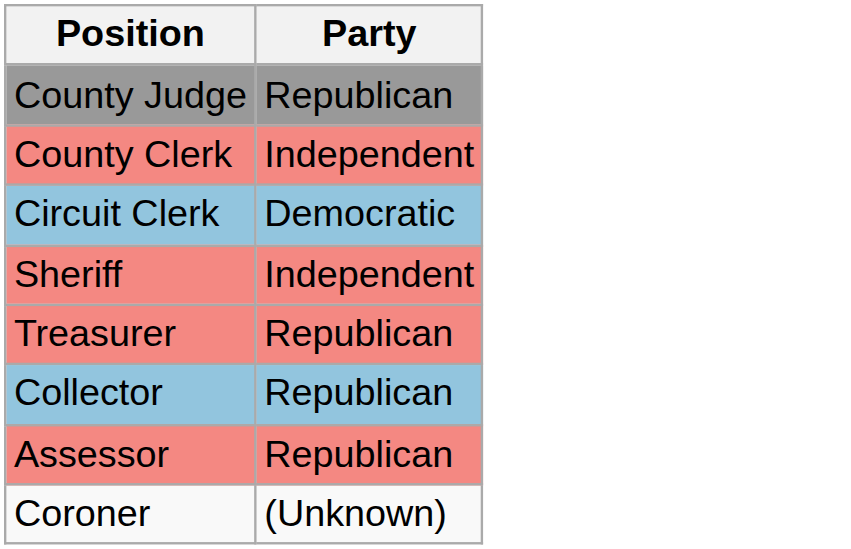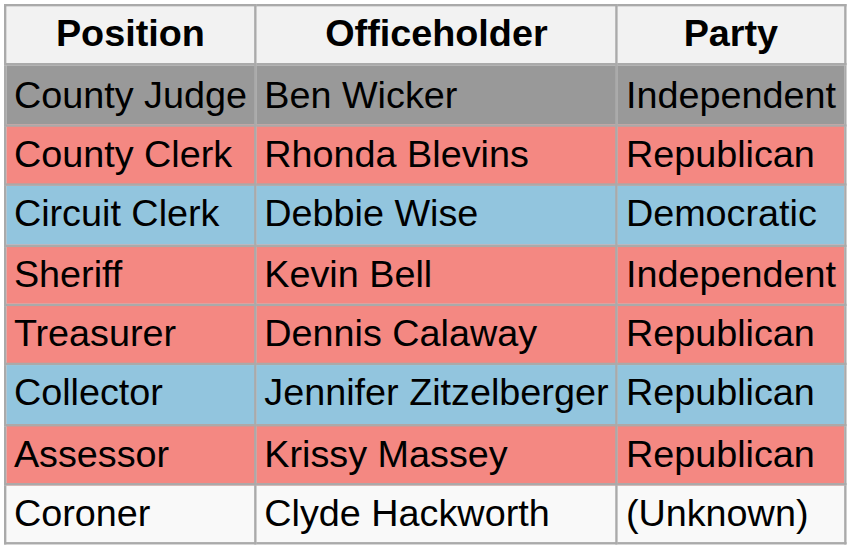 <table class="wikitable">
 <tr>
 <th>Position</th>
+<th>Officeholder</th>
 <th>Party</th>
 </tr>
 <tr style="background-color:#999999;">
 <td>County Judge</td>
-<td>Republican</td>
+<td>Ben Wicker</td>
+<td>Independent</td>
 </tr>
 <tr style="background-color:#F48882;">
 <td>County Clerk</td>
-<td>Independent</td>
+<td>Rhonda Blevins</td>
+<td>Republican</td>
 </tr>
 <tr style="background-color:#92C5DE;">
 <td>Circuit Clerk</td>
+<td>Debbie Wise</td>
 <td>Democratic</td>
 </tr>
 <tr style="background-color:#F48882;">
 <td>Sheriff</td>
+<td>Kevin Bell</td>
 <td>Independent</td>
 </tr>
 <tr style="background-color:#F48882;">
 <td>Treasurer</td>
+<td>Dennis Calaway</td>
 <td>Republican</td>
 </tr>
 <tr style="background-color:#92C5DE;">
 <td>Collector</td>
+<td>Jennifer Zitzelberger</td>
 <td>Republican</td>
 </tr>
 <tr style="background-color:#F48882;">
 <td>Assessor</td>
+<td>Krissy Massey</td>
 <td>Republican</td>
 </tr>
 <tr>
 <td>Coroner</td>
+<td>Clyde Hackworth</td>
 <td>(Unknown)</td>
 </tr>
 </table>
